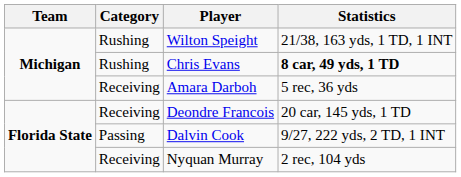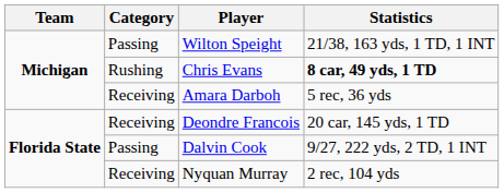 <table class="wikitable">
 <tr>
 <th>Team</th>
 <th>Category</th>
 <th>Player</th>
 <th>Statistics</th>
 </tr>
 <tr>
 <td rowspan=3 style="text-align:center; "><strong>Michigan</strong></td>
-<td>Rushing</td>
+<td>Passing</td>
 <td><a href='#'>Wilton Speight</a></td>
 <td>21/38, 163 yds, 1 TD, 1 INT</td>
 </tr>
 <tr>
 <td>Rushing</td>
 <td><a href='#'>Chris Evans</a></td>
 <td><strong>8 car, 49 yds, 1 TD</strong></td>
 </tr>
 <tr>
 <td>Receiving</td>
 <td><a href='#'>Amara Darboh</a></td>
 <td>5 rec, 36 yds</td>
 </tr>
 <tr>
 <td rowspan=3 style="text-align:center; "><strong>Florida State</strong></td>
 <td>Receiving</td>
 <td><a href='#'>Deondre Francois</a></td>
 <td>20 car, 145 yds, 1 TD</td>
 </tr>
 <tr>
 <td>Passing</td>
 <td><a href='#'>Dalvin Cook</a></td>
 <td>9/27, 222 yds, 2 TD, 1 INT</td>
 </tr>
 <tr>
 <td>Receiving</td>
 <td>Nyquan Murray</td>
 <td>2 rec, 104 yds</td>
 </tr>
 </table>
